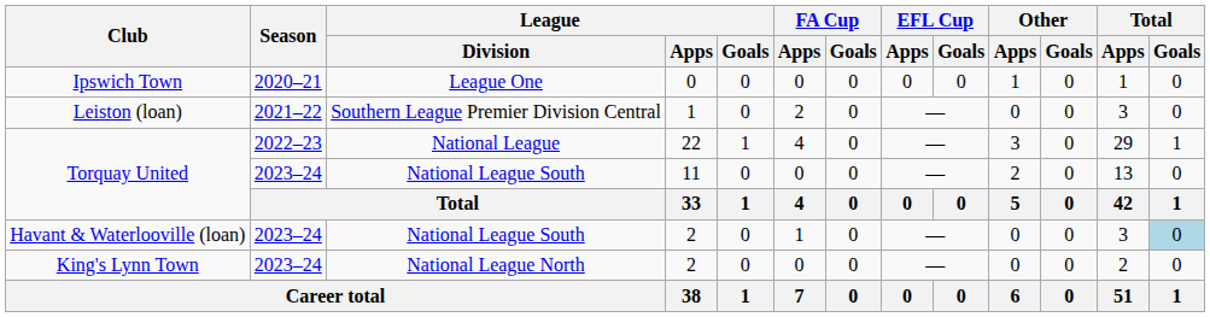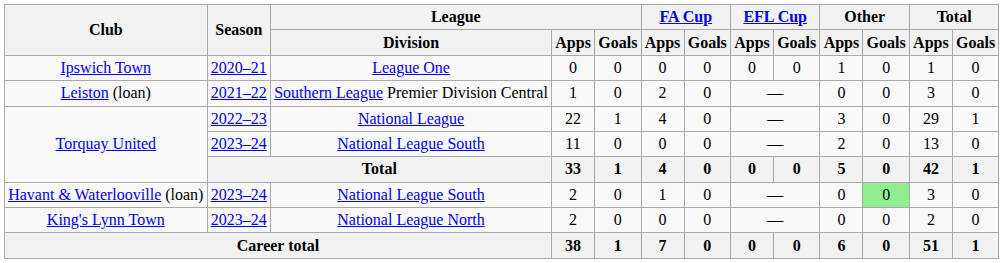 <table class="wikitable" style="text-align: center">
 <tr>
 <th rowspan="2">Club</th>
 <th rowspan="2">Season</th>
 <th colspan="3">League</th>
 <th colspan="2"><a href='#'>FA Cup</a></th>
 <th colspan="2"><a href='#'>EFL Cup</a></th>
 <th colspan="2">Other</th>
 <th colspan="2">Total</th>
 </tr>
 <tr>
 <th>Division</th>
 <th>Apps</th>
 <th>Goals</th>
 <th>Apps</th>
 <th>Goals</th>
 <th>Apps</th>
 <th>Goals</th>
 <th>Apps</th>
 <th>Goals</th>
 <th>Apps</th>
 <th>Goals</th>
 </tr>
 <tr>
 <td><a href='#'>Ipswich Town</a></td>
 <td><a href='#'>2020–21</a></td>
 <td><a href='#'>League One</a></td>
 <td>0</td>
 <td>0</td>
 <td>0</td>
 <td>0</td>
 <td>0</td>
 <td>0</td>
 <td>1</td>
 <td>0</td>
 <td>1</td>
 <td>0</td>
 </tr>
 <tr>
 <td><a href='#'>Leiston</a> (loan)</td>
 <td><a href='#'>2021–22</a></td>
 <td><a href='#'>Southern League</a> Premier Division Central</td>
 <td>1</td>
 <td>0</td>
 <td>2</td>
 <td>0</td>
 <td colspan="2">—</td>
 <td>0</td>
 <td>0</td>
 <td>3</td>
 <td>0</td>
 </tr>
 <tr>
 <td rowspan="3"><a href='#'>Torquay United</a></td>
 <td><a href='#'>2022–23</a></td>
 <td><a href='#'>National League</a></td>
 <td>22</td>
 <td>1</td>
 <td>4</td>
 <td>0</td>
 <td colspan="2">—</td>
 <td>3</td>
 <td>0</td>
 <td>29</td>
 <td>1</td>
 </tr>
 <tr>
 <td><a href='#'>2023–24</a></td>
 <td><a href='#'>National League South</a></td>
 <td>11</td>
 <td>0</td>
 <td>0</td>
 <td>0</td>
 <td colspan="2">—</td>
 <td>2</td>
 <td>0</td>
 <td>13</td>
 <td>0</td>
 </tr>
 <tr>
 <th colspan="2">Total</th>
 <th>33</th>
 <th>1</th>
 <th>4</th>
 <th>0</th>
 <th>0</th>
 <th>0</th>
 <th>5</th>
 <th>0</th>
 <th>42</th>
 <th>1</th>
 </tr>
 <tr>
 <td><a href='#'>Havant & Waterlooville</a> (loan)</td>
 <td><a href='#'>2023–24</a></td>
 <td><a href='#'>National League South</a></td>
 <td>2</td>
 <td>0</td>
 <td>1</td>
 <td>0</td>
 <td colspan="2">—</td>
 <td>0</td>
+<td style="background: lightgreen;">0</td>
+<td>3</td>
 <td>0</td>
-<td>3</td>
-<td style="background: lightblue;">0</td>
 </tr>
 <tr>
 <td><a href='#'>King's Lynn Town</a></td>
 <td><a href='#'>2023–24</a></td>
 <td><a href='#'>National League North</a></td>
 <td>2</td>
 <td>0</td>
 <td>0</td>
 <td>0</td>
 <td colspan="2">—</td>
 <td>0</td>
 <td>0</td>
 <td>2</td>
 <td>0</td>
 </tr>
 <tr>
 <th colspan="3">Career total</th>
 <th>38</th>
 <th>1</th>
 <th>7</th>
 <th>0</th>
 <th>0</th>
 <th>0</th>
 <th>6</th>
 <th>0</th>
 <th>51</th>
 <th>1</th>
 </tr>
 </table>
